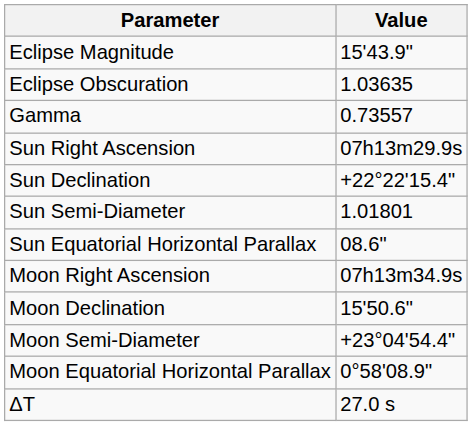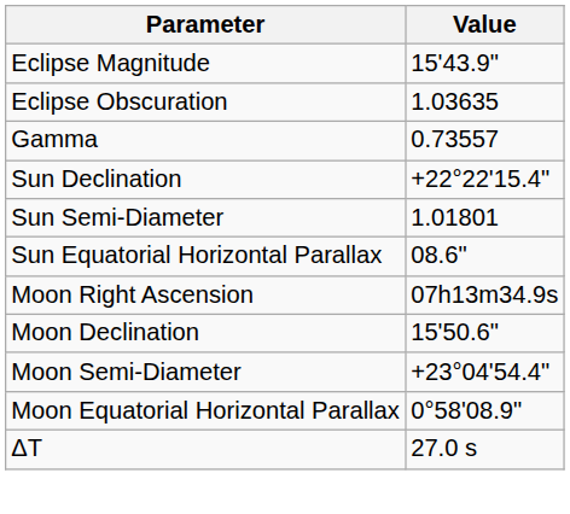 <table class="wikitable">
 <tr>
 <th>Parameter</th>
 <th>Value</th>
 </tr>
 <tr>
 <td>Eclipse Magnitude</td>
 <td>15'43.9"</td>
 </tr>
 <tr>
 <td>Eclipse Obscuration</td>
 <td>1.03635</td>
 </tr>
 <tr>
 <td>Gamma</td>
 <td>0.73557</td>
-</tr>
-<tr>
-<td>Sun Right Ascension</td>
-<td>07h13m29.9s</td>
 </tr>
 <tr>
 <td>Sun Declination</td>
 <td>+22°22'15.4"</td>
 </tr>
 <tr>
 <td>Sun Semi-Diameter</td>
 <td>1.01801</td>
 </tr>
 <tr>
 <td>Sun Equatorial Horizontal Parallax</td>
 <td>08.6"</td>
 </tr>
 <tr>
 <td>Moon Right Ascension</td>
 <td>07h13m34.9s</td>
 </tr>
 <tr>
 <td>Moon Declination</td>
 <td>15'50.6"</td>
 </tr>
 <tr>
 <td>Moon Semi-Diameter</td>
 <td>+23°04'54.4"</td>
 </tr>
 <tr>
 <td>Moon Equatorial Horizontal Parallax</td>
 <td>0°58'08.9"</td>
 </tr>
 <tr>
 <td>ΔT</td>
 <td>27.0 s</td>
 </tr>
 </table>
